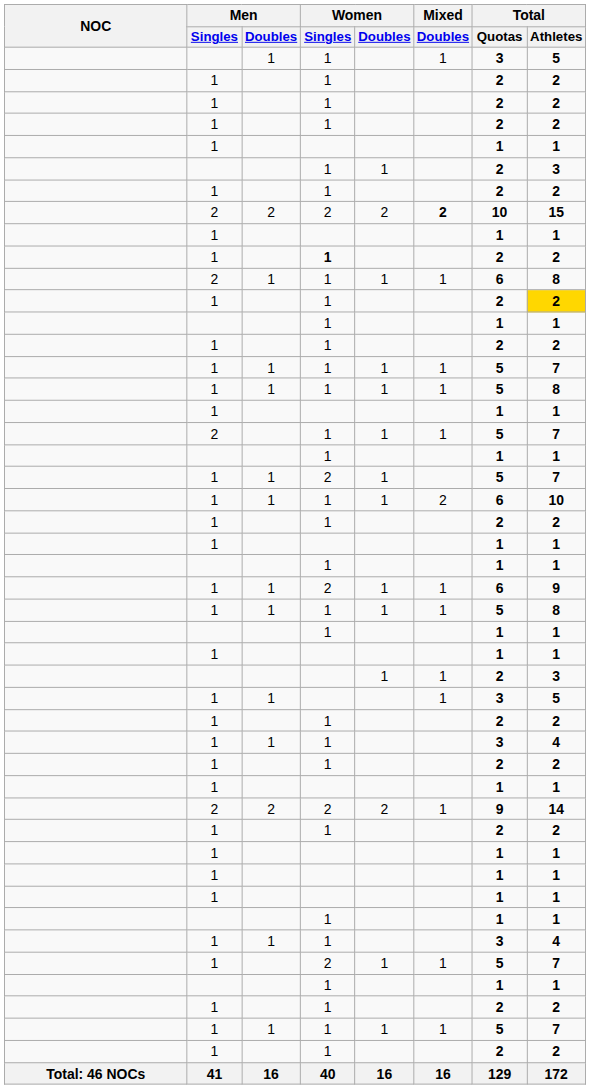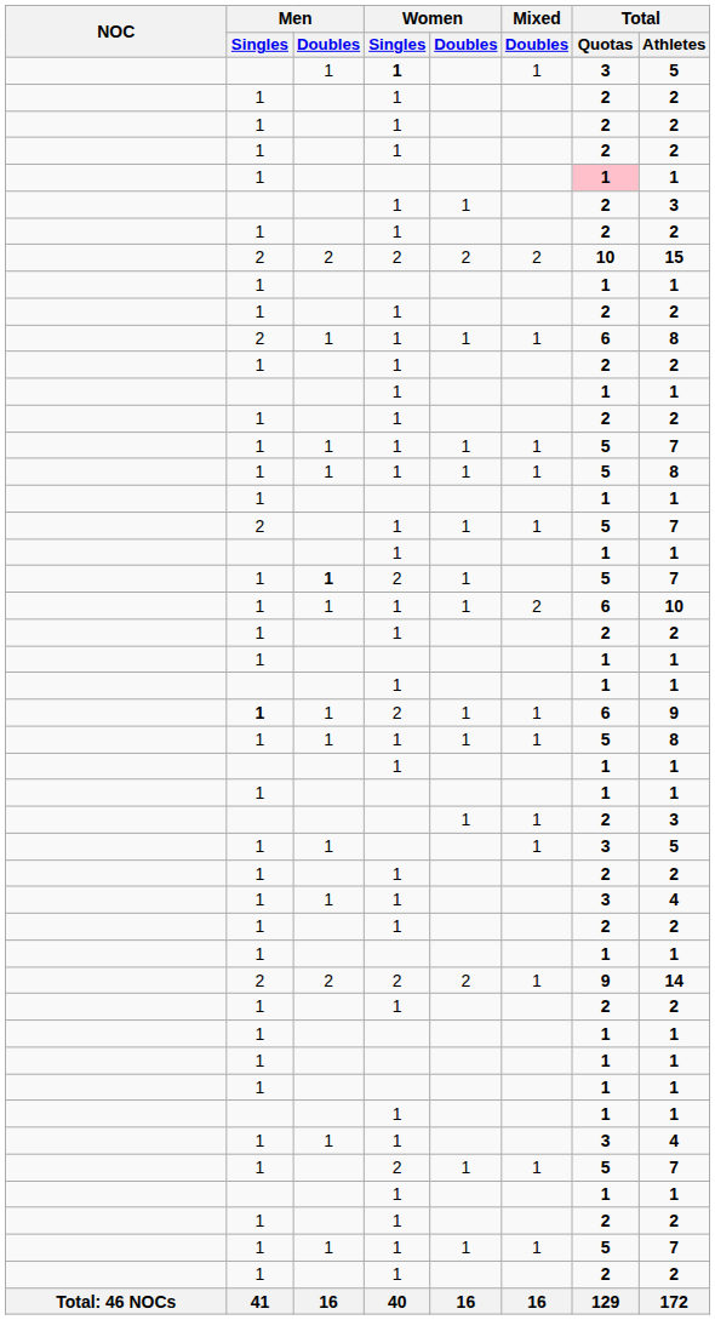 <table class="wikitable" width=600 style="text-align:center; font-size:90%">
 <tr>
 <th rowspan="2" style="text-align:center;">NOC</th>
 <th colspan="2">Men</th>
 <th colspan="2">Women</th>
 <th>Mixed</th>
 <th colspan="2">Total</th>
 </tr>
 <tr style="font-size:95%">
 <th width=50><a href='#'>Singles</a></th>
 <th width=50><a href='#'>Doubles</a></th>
 <th width=50><a href='#'>Singles</a></th>
 <th width=50><a href='#'>Doubles</a></th>
 <th width=50><a href='#'>Doubles</a></th>
 <th width=50>Quotas</th>
 <th width=50>Athletes</th>
 </tr>
 <tr>
 <td style="text-align:left;"></td>
 <td></td>
 <td>1</td>
-<td>1</td>
+<td><strong>1</strong></td>
 <td></td>
 <td>1</td>
 <td><strong>3</strong></td>
 <td><strong>5</strong></td>
 </tr>
 <tr>
 <td style="text-align:left;"></td>
 <td>1</td>
 <td></td>
 <td>1</td>
 <td></td>
 <td></td>
 <td><strong>2</strong></td>
 <td><strong>2</strong></td>
 </tr>
 <tr>
 <td style="text-align:left;"></td>
 <td>1</td>
 <td></td>
 <td>1</td>
 <td></td>
 <td></td>
 <td><strong>2</strong></td>
 <td><strong>2</strong></td>
 </tr>
 <tr>
 <td style="text-align:left;"></td>
 <td>1</td>
 <td></td>
 <td>1</td>
 <td></td>
 <td></td>
 <td><strong>2</strong></td>
 <td><strong>2</strong></td>
 </tr>
 <tr>
 <td style="text-align:left;"></td>
 <td>1</td>
 <td></td>
 <td></td>
 <td></td>
 <td></td>
-<td><strong>1</strong></td>
+<td style="background: pink;"><strong>1</strong></td>
 <td><strong>1</strong></td>
 </tr>
 <tr>
 <td style="text-align:left;"></td>
 <td></td>
 <td></td>
 <td>1</td>
 <td>1</td>
 <td></td>
 <td><strong>2</strong></td>
 <td><strong>3</strong></td>
 </tr>
 <tr>
 <td style="text-align:left;"></td>
 <td>1</td>
 <td></td>
 <td>1</td>
 <td></td>
 <td></td>
 <td><strong>2</strong></td>
 <td><strong>2</strong></td>
 </tr>
 <tr>
 <td style="text-align:left;"></td>
 <td>2</td>
 <td>2</td>
 <td>2</td>
 <td>2</td>
-<td><strong>2</strong></td>
+<td>2</td>
 <td><strong>10</strong></td>
 <td><strong>15</strong></td>
 </tr>
 <tr>
 <td style="text-align:left;"></td>
 <td>1</td>
 <td></td>
 <td></td>
 <td></td>
 <td></td>
 <td><strong>1</strong></td>
 <td><strong>1</strong></td>
 </tr>
 <tr>
 <td style="text-align:left;"></td>
 <td>1</td>
 <td></td>
-<td><strong>1</strong></td>
+<td>1</td>
 <td></td>
 <td></td>
 <td><strong>2</strong></td>
 <td><strong>2</strong></td>
 </tr>
 <tr>
 <td style="text-align:left;"></td>
 <td>2</td>
 <td>1</td>
 <td>1</td>
 <td>1</td>
 <td>1</td>
 <td><strong>6</strong></td>
 <td><strong>8</strong></td>
 </tr>
 <tr>
 <td style="text-align:left;"></td>
 <td>1</td>
 <td></td>
 <td>1</td>
 <td></td>
 <td></td>
 <td><strong>2</strong></td>
-<td style="background: gold;"><strong>2</strong></td>
+<td><strong>2</strong></td>
 </tr>
 <tr>
 <td style="text-align:left;"></td>
 <td></td>
 <td></td>
 <td>1</td>
 <td></td>
 <td></td>
 <td><strong>1</strong></td>
 <td><strong>1</strong></td>
 </tr>
 <tr>
 <td style="text-align:left;"></td>
 <td>1</td>
 <td></td>
 <td>1</td>
 <td></td>
 <td></td>
 <td><strong>2</strong></td>
 <td><strong>2</strong></td>
 </tr>
 <tr>
 <td style="text-align:left;"></td>
 <td>1</td>
 <td>1</td>
 <td>1</td>
 <td>1</td>
 <td>1</td>
 <td><strong>5</strong></td>
 <td><strong>7</strong></td>
 </tr>
 <tr>
 <td style="text-align:left;"></td>
 <td>1</td>
 <td>1</td>
 <td>1</td>
 <td>1</td>
 <td>1</td>
 <td><strong>5</strong></td>
 <td><strong>8</strong></td>
 </tr>
 <tr>
 <td style="text-align:left;"></td>
 <td>1</td>
 <td></td>
 <td></td>
 <td></td>
 <td></td>
 <td><strong>1</strong></td>
 <td><strong>1</strong></td>
 </tr>
 <tr>
 <td style="text-align:left;"></td>
 <td>2</td>
 <td></td>
 <td>1</td>
 <td>1</td>
 <td>1</td>
 <td><strong>5</strong></td>
 <td><strong>7</strong></td>
 </tr>
 <tr>
 <td style="text-align:left;"></td>
 <td></td>
 <td></td>
 <td>1</td>
 <td></td>
 <td></td>
 <td><strong>1</strong></td>
 <td><strong>1</strong></td>
 </tr>
 <tr>
 <td style="text-align:left;"></td>
 <td>1</td>
-<td>1</td>
+<td><strong>1</strong></td>
 <td>2</td>
 <td>1</td>
 <td></td>
 <td><strong>5</strong></td>
 <td><strong>7</strong></td>
 </tr>
 <tr>
 <td style="text-align:left;"></td>
 <td>1</td>
 <td>1</td>
 <td>1</td>
 <td>1</td>
 <td>2</td>
 <td><strong>6</strong></td>
 <td><strong>10</strong></td>
 </tr>
 <tr>
 <td style="text-align:left;"></td>
 <td>1</td>
 <td></td>
 <td>1</td>
 <td></td>
 <td></td>
 <td><strong>2</strong></td>
 <td><strong>2</strong></td>
 </tr>
 <tr>
 <td style="text-align:left;"></td>
 <td>1</td>
 <td></td>
 <td></td>
 <td></td>
 <td></td>
 <td><strong>1</strong></td>
 <td><strong>1</strong></td>
 </tr>
 <tr>
 <td style="text-align:left;"></td>
 <td></td>
 <td></td>
 <td>1</td>
 <td></td>
 <td></td>
 <td><strong>1</strong></td>
 <td><strong>1</strong></td>
 </tr>
 <tr>
 <td style="text-align:left;"></td>
-<td>1</td>
+<td><strong>1</strong></td>
 <td>1</td>
 <td>2</td>
 <td>1</td>
 <td>1</td>
 <td><strong>6</strong></td>
 <td><strong>9</strong></td>
 </tr>
 <tr>
 <td style="text-align:left;"></td>
 <td>1</td>
 <td>1</td>
 <td>1</td>
 <td>1</td>
 <td>1</td>
 <td><strong>5</strong></td>
 <td><strong>8</strong></td>
 </tr>
 <tr>
 <td style="text-align:left;"></td>
 <td></td>
 <td></td>
 <td>1</td>
 <td></td>
 <td></td>
 <td><strong>1</strong></td>
 <td><strong>1</strong></td>
 </tr>
 <tr>
 <td style="text-align:left;"></td>
 <td>1</td>
 <td></td>
 <td></td>
 <td></td>
 <td></td>
 <td><strong>1</strong></td>
 <td><strong>1</strong></td>
 </tr>
 <tr>
 <td style="text-align:left;"></td>
 <td></td>
 <td></td>
 <td></td>
 <td>1</td>
 <td>1</td>
 <td><strong>2</strong></td>
 <td><strong>3</strong></td>
 </tr>
 <tr>
 <td style="text-align:left;"></td>
 <td>1</td>
 <td>1</td>
 <td></td>
 <td></td>
 <td>1</td>
 <td><strong>3</strong></td>
 <td><strong>5</strong></td>
 </tr>
 <tr>
 <td style="text-align:left;"></td>
 <td>1</td>
 <td></td>
 <td>1</td>
 <td></td>
 <td></td>
 <td><strong>2</strong></td>
 <td><strong>2</strong></td>
 </tr>
 <tr>
 <td style="text-align:left;"></td>
 <td>1</td>
 <td>1</td>
 <td>1</td>
 <td></td>
 <td></td>
 <td><strong>3</strong></td>
 <td><strong>4</strong></td>
 </tr>
 <tr>
 <td style="text-align:left;"></td>
 <td>1</td>
 <td></td>
 <td>1</td>
 <td></td>
 <td></td>
 <td><strong>2</strong></td>
 <td><strong>2</strong></td>
 </tr>
 <tr>
 <td style="text-align:left;"></td>
 <td>1</td>
 <td></td>
 <td></td>
 <td></td>
 <td></td>
 <td><strong>1</strong></td>
 <td><strong>1</strong></td>
 </tr>
 <tr>
 <td style="text-align:left;"></td>
 <td>2</td>
 <td>2</td>
 <td>2</td>
 <td>2</td>
 <td>1</td>
 <td><strong>9</strong></td>
 <td><strong>14</strong></td>
 </tr>
 <tr>
 <td style="text-align:left;"></td>
 <td>1</td>
 <td></td>
 <td>1</td>
 <td></td>
 <td></td>
 <td><strong>2</strong></td>
 <td><strong>2</strong></td>
 </tr>
 <tr>
 <td style="text-align:left;"></td>
 <td>1</td>
 <td></td>
 <td></td>
 <td></td>
 <td></td>
 <td><strong>1</strong></td>
 <td><strong>1</strong></td>
 </tr>
 <tr>
 <td style="text-align:left;"></td>
 <td>1</td>
 <td></td>
 <td></td>
 <td></td>
 <td></td>
 <td><strong>1</strong></td>
 <td><strong>1</strong></td>
 </tr>
 <tr>
 <td style="text-align:left;"></td>
 <td>1</td>
 <td></td>
 <td></td>
 <td></td>
 <td></td>
 <td><strong>1</strong></td>
 <td><strong>1</strong></td>
 </tr>
 <tr>
 <td style="text-align:left;"></td>
 <td></td>
 <td></td>
 <td>1</td>
 <td></td>
 <td></td>
 <td><strong>1</strong></td>
 <td><strong>1</strong></td>
 </tr>
 <tr>
 <td style="text-align:left;"></td>
 <td>1</td>
 <td>1</td>
 <td>1</td>
 <td></td>
 <td></td>
 <td><strong>3</strong></td>
 <td><strong>4</strong></td>
 </tr>
 <tr>
 <td style="text-align:left;"></td>
 <td>1</td>
 <td></td>
 <td>2</td>
 <td>1</td>
 <td>1</td>
 <td><strong>5</strong></td>
 <td><strong>7</strong></td>
 </tr>
 <tr>
 <td style="text-align:left;"></td>
 <td></td>
 <td></td>
 <td>1</td>
 <td></td>
 <td></td>
 <td><strong>1</strong></td>
 <td><strong>1</strong></td>
 </tr>
 <tr>
 <td style="text-align:left;"></td>
 <td>1</td>
 <td></td>
 <td>1</td>
 <td></td>
 <td></td>
 <td><strong>2</strong></td>
 <td><strong>2</strong></td>
 </tr>
 <tr>
 <td style="text-align:left;"></td>
 <td>1</td>
 <td>1</td>
 <td>1</td>
 <td>1</td>
 <td>1</td>
 <td><strong>5</strong></td>
 <td><strong>7</strong></td>
 </tr>
 <tr>
 <td style="text-align:left;"></td>
 <td>1</td>
 <td></td>
 <td>1</td>
 <td></td>
 <td></td>
 <td><strong>2</strong></td>
 <td><strong>2</strong></td>
 </tr>
 <tr>
 <th>Total: 46 NOCs</th>
 <th>41</th>
 <th>16</th>
 <th>40</th>
 <th>16</th>
 <th>16</th>
 <th>129</th>
 <th>172</th>
 </tr>
 </table>
